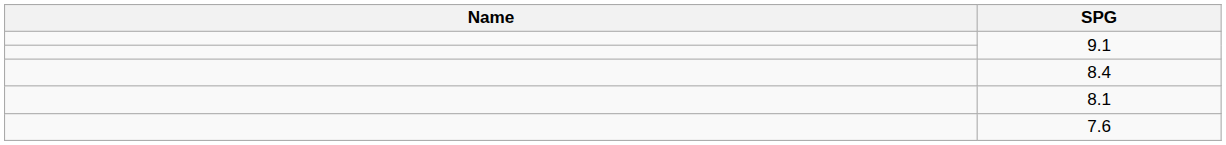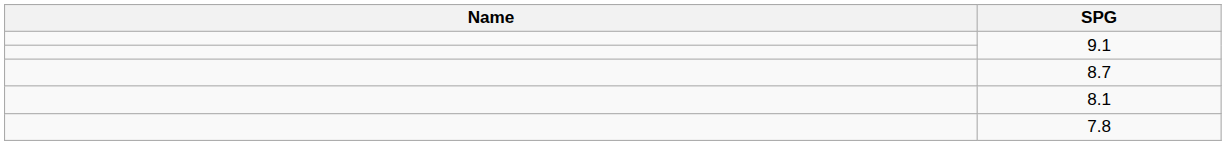 <table class=wikitable width="90%">
 <tr>
 <th width="80%">Name</th>
 <th width="20%">SPG</th>
 </tr>
 <tr>
 <td></td>
 <td align=center rowspan=2>9.1</td>
 </tr>
 <tr>
 <td></td>
 </tr>
 <tr>
 <td></td>
-<td align=center>8.4</td>
+<td align=center>8.7</td>
 </tr>
 <tr>
 <td></td>
 <td align=center>8.1</td>
 </tr>
 <tr>
 <td></td>
-<td align=center>7.6</td>
+<td align=center>7.8</td>
 </tr>
 </table>
